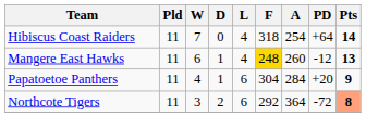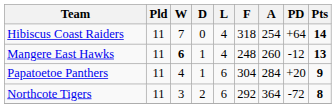 <table class="wikitable" style="text-align:center;">
 <tr>
 <th width=175>Team</th>
 <th width=20 abbr="Played">Pld</th>
 <th width=20 abbr="Won">W</th>
 <th width=20 abbr="Drawn">D</th>
 <th width=20 abbr="Lost">L</th>
 <th width=20 abbr="For">F</th>
 <th width=20 abbr="Against">A</th>
 <th width=20 abbr="Point Difference">PD</th>
 <th width=20 abbr="Points">Pts</th>
 </tr>
 <tr>
 <td style="text-align:left;"><a href='#'>Hibiscus Coast Raiders</a></td>
 <td>11</td>
 <td>7</td>
 <td>0</td>
 <td>4</td>
 <td>318</td>
 <td>254</td>
 <td>+64</td>
 <td><strong>14</strong></td>
 </tr>
 <tr>
 <td style="text-align:left;"><a href='#'>Mangere East Hawks</a></td>
 <td>11</td>
-<td>6</td>
+<td><strong>6</strong></td>
 <td>1</td>
 <td>4</td>
-<td style="background: gold;">248</td>
+<td>248</td>
 <td>260</td>
 <td>-12</td>
 <td><strong>13</strong></td>
 </tr>
 <tr>
 <td style="text-align:left;"><a href='#'>Papatoetoe Panthers</a></td>
 <td>11</td>
 <td>4</td>
 <td>1</td>
 <td>6</td>
 <td>304</td>
 <td>284</td>
 <td>+20</td>
 <td><strong>9</strong></td>
 </tr>
 <tr>
 <td style="text-align:left;"><a href='#'>Northcote Tigers</a></td>
 <td>11</td>
 <td>3</td>
 <td>2</td>
 <td>6</td>
 <td>292</td>
 <td>364</td>
 <td>-72</td>
-<td style="background: lightsalmon;"><strong>8</strong></td>
+<td><strong>8</strong></td>
 </tr>
 <tr>
 </tr>
 </table>
